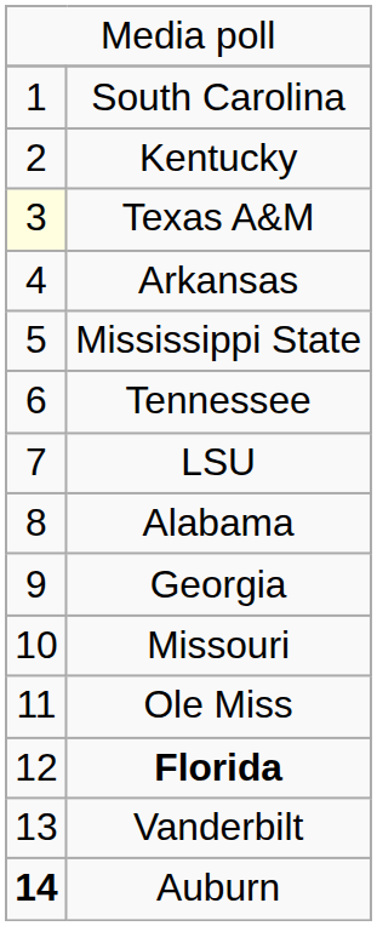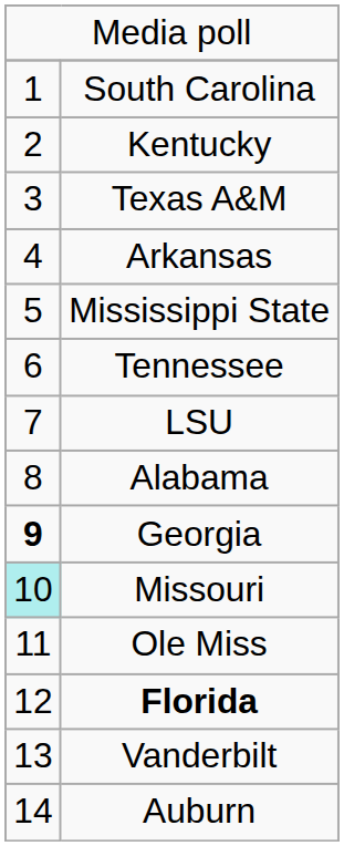 <table class="wikitable">
 <tr align="center">
 <td align="center" Colspan="2">Media poll</td>
 </tr>
 <tr align="center">
 </tr>
 <tr align="center">
 <td>1</td>
 <td>South Carolina</td>
 </tr>
 <tr align="center">
 <td>2</td>
 <td>Kentucky</td>
 </tr>
 <tr align="center">
-<td style="background: lightyellow;">3</td>
+<td>3</td>
 <td>Texas A&M</td>
 </tr>
 <tr align="center">
 <td>4</td>
 <td>Arkansas</td>
 </tr>
 <tr align="center">
 <td>5</td>
 <td>Mississippi State</td>
 </tr>
 <tr align="center">
 <td>6</td>
 <td>Tennessee</td>
 </tr>
 <tr align="center">
 <td>7</td>
 <td>LSU</td>
 </tr>
 <tr align="center">
 <td>8</td>
 <td>Alabama</td>
 </tr>
 <tr align="center">
-<td>9</td>
+<td><strong>9</strong></td>
 <td>Georgia</td>
 </tr>
 <tr align="center">
-<td>10</td>
+<td style="background: paleturquoise;">10</td>
 <td>Missouri</td>
 </tr>
 <tr align="center">
 <td>11</td>
 <td>Ole Miss</td>
 </tr>
 <tr align="center">
 <td>12</td>
 <td><strong>Florida</strong></td>
 </tr>
 <tr align="center">
 <td>13</td>
 <td>Vanderbilt</td>
 </tr>
 <tr align="center">
-<td><strong>14</strong></td>
+<td>14</td>
 <td>Auburn</td>
 </tr>
 </table>
